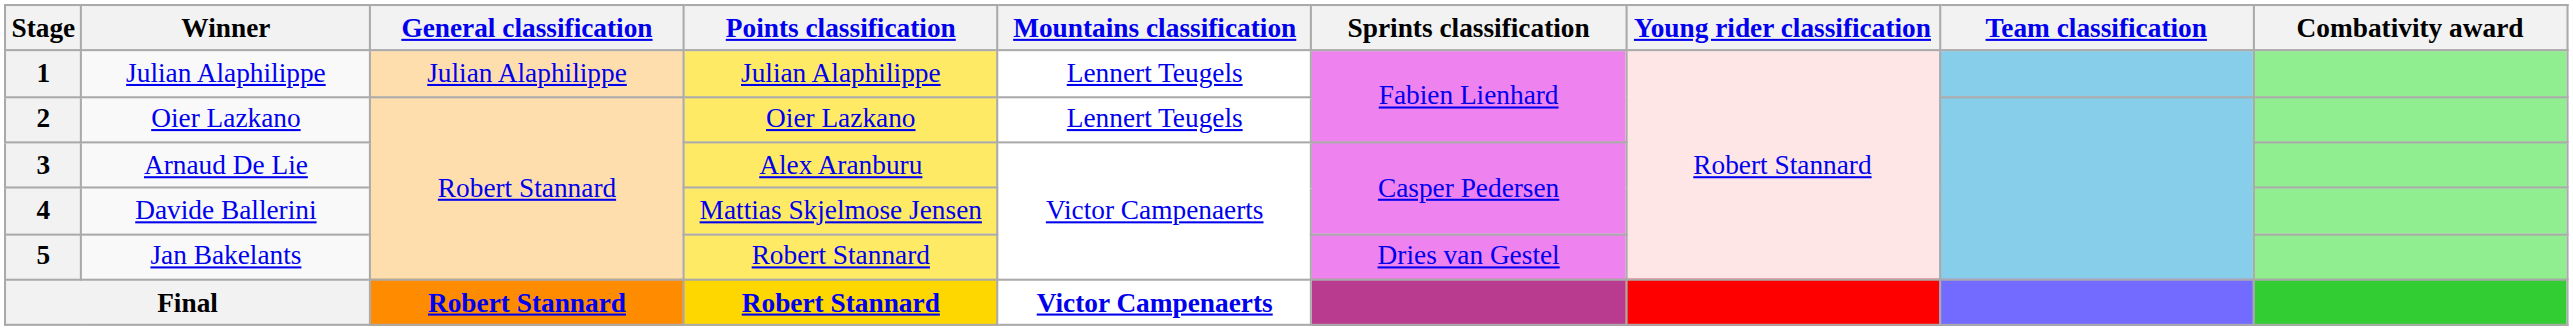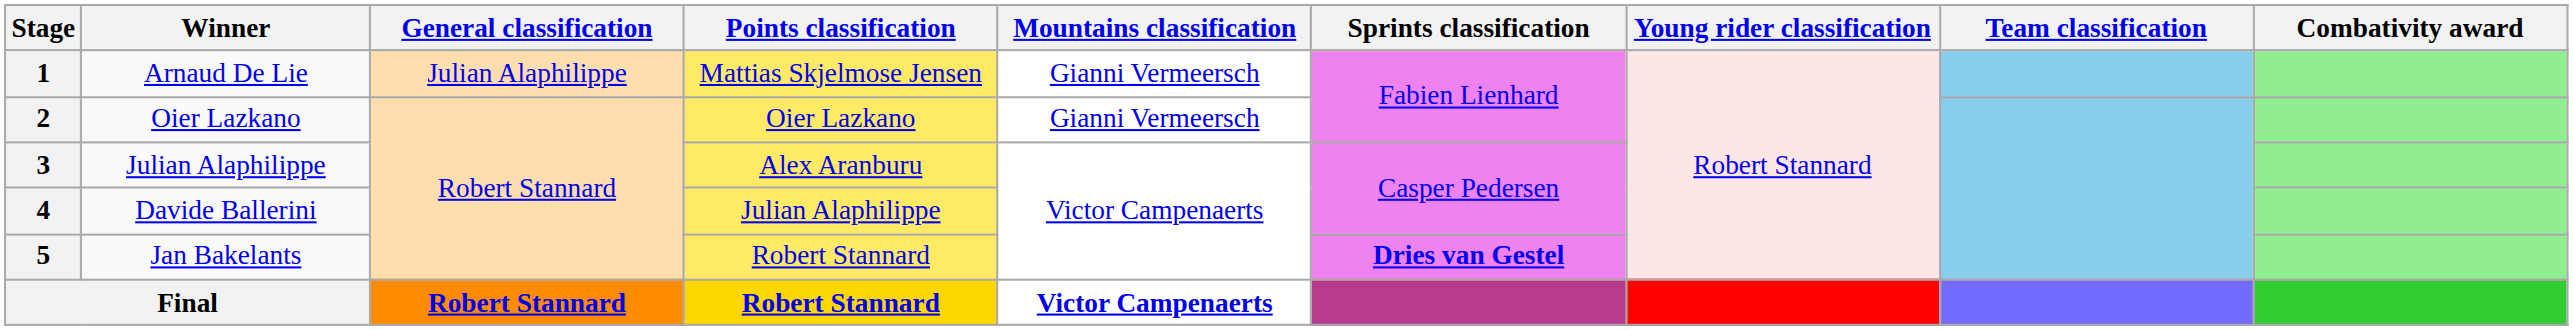 <table class="wikitable" style="text-align: center; font-size:smaller;">
 <tr style="background:#efefef;">
 <th scope="col" style="width:1%;">Stage</th>
 <th scope="col" style="width:11.5%;">Winner</th>
 <th scope="col" style="width:12.5%;"><a href='#'>General classification</a><br></th>
 <th scope="col" style="width:12.5%;"><a href='#'>Points classification</a><br></th>
 <th scope="col" style="width:12.5%;"><a href='#'>Mountains classification</a><br></th>
 <th scope="col" style="width:12.5%;">Sprints classification<br></th>
 <th scope="col" style="width:12.5%;"><a href='#'>Young rider classification</a><br></th>
 <th scope="col" style="width:12.5%;"><a href='#'>Team classification</a></th>
 <th scope="col" style="width:12.5%;">Combativity award</th>
 </tr>
 <tr>
 <th>1</th>
-<td><a href='#'>Julian Alaphilippe</a></td>
+<td><a href='#'>Arnaud De Lie</a></td>
 <td style="background:navajowhite;"><a href='#'>Julian Alaphilippe</a></td>
-<td style="background:#FFEA66;"><a href='#'>Julian Alaphilippe</a></td>
-<td style="background:white;"><a href='#'>Lennert Teugels</a></td>
+<td style="background:#FFEA66;"><a href='#'>Mattias Skjelmose Jensen</a></td>
+<td style="background:white;"><a href='#'>Gianni Vermeersch</a></td>
 <td style="background:violet;" rowspan="2"><a href='#'>Fabien Lienhard</a></td>
 <td style="background:#FFE6E6;" rowspan="5"><a href='#'>Robert Stannard</a></td>
 <td style="background:skyblue;"></td>
 <td style="background:lightgreen;"></td>
 </tr>
 <tr>
 <th>2</th>
 <td><a href='#'>Oier Lazkano</a></td>
 <td style="background:navajowhite;" rowspan="4"><a href='#'>Robert Stannard</a></td>
 <td style="background:#FFEA66;"><a href='#'>Oier Lazkano</a></td>
-<td style="background:white;"><a href='#'>Lennert Teugels</a></td>
+<td style="background:white;"><a href='#'>Gianni Vermeersch</a></td>
 <td style="background:skyblue;" rowspan="4"></td>
 <td style="background:lightgreen;"></td>
 </tr>
 <tr>
 <th>3</th>
-<td><a href='#'>Arnaud De Lie</a></td>
+<td><a href='#'>Julian Alaphilippe</a></td>
 <td style="background:#FFEA66;"><a href='#'>Alex Aranburu</a></td>
 <td style="background:white;" rowspan="3"><a href='#'>Victor Campenaerts</a></td>
 <td style="background:violet;" rowspan="2"><a href='#'>Casper Pedersen</a></td>
 <td style="background:lightgreen;"></td>
 </tr>
 <tr>
 <th>4</th>
 <td><a href='#'>Davide Ballerini</a></td>
-<td style="background:#FFEA66;"><a href='#'>Mattias Skjelmose Jensen</a></td>
+<td style="background:#FFEA66;"><a href='#'>Julian Alaphilippe</a></td>
 <td style="background:lightgreen;"></td>
 </tr>
 <tr>
 <th>5</th>
 <td><a href='#'>Jan Bakelants</a></td>
 <td style="background:#FFEA66;"><a href='#'>Robert Stannard</a></td>
-<td style="background:violet;"><a href='#'>Dries van Gestel</a></td>
+<td style="background:violet;"><strong><a href='#'>Dries van Gestel</a></strong></td>
 <td style="background:lightgreen;"></td>
 </tr>
 <tr>
 <th colspan="2">Final</th>
 <th style="background:#FF8C00;"><a href='#'>Robert Stannard</a></th>
 <th style="background:gold;"><a href='#'>Robert Stannard</a></th>
 <th style="background:white;"><a href='#'>Victor Campenaerts</a></th>
 <th style="background:#B93B8F;"></th>
 <th style="background:#f00;"></th>
 <th style="background:#736aff;"></th>
 <th style="background:limegreen;"></th>
 </tr>
 </table>
